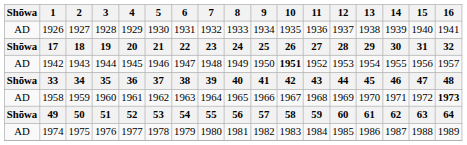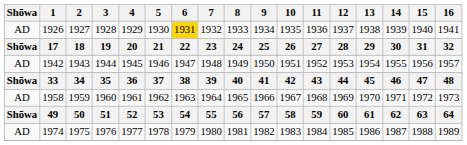 <table class="wikitable" style="text-align:center">
 <tr>
 <th rowspan="1">Shōwa</th>
 <th>1</th>
 <th>2</th>
 <th>3</th>
 <th>4</th>
 <th>5</th>
 <th>6</th>
 <th>7</th>
 <th>8</th>
 <th>9</th>
 <th>10</th>
 <th>11</th>
 <th>12</th>
 <th>13</th>
 <th>14</th>
 <th>15</th>
 <th>16</th>
 </tr>
 <tr>
 <td rowspan="1">AD</td>
 <td>1926</td>
 <td>1927</td>
 <td>1928</td>
 <td>1929</td>
 <td>1930</td>
-<td>1931</td>
+<td style="background: gold;">1931</td>
 <td>1932</td>
 <td>1933</td>
 <td>1934</td>
 <td>1935</td>
 <td>1936</td>
 <td>1937</td>
 <td>1938</td>
 <td>1939</td>
 <td>1940</td>
 <td>1941</td>
 </tr>
 <tr>
 <th rowspan="1">Shōwa</th>
 <th>17</th>
 <th>18</th>
 <th>19</th>
 <th>20</th>
 <th>21</th>
 <th>22</th>
 <th>23</th>
 <th>24</th>
 <th>25</th>
 <th>26</th>
 <th>27</th>
 <th>28</th>
 <th>29</th>
 <th>30</th>
 <th>31</th>
 <th>32</th>
 </tr>
 <tr>
 <td rowspan="1">AD</td>
 <td>1942</td>
 <td>1943</td>
 <td>1944</td>
 <td>1945</td>
 <td>1946</td>
 <td>1947</td>
 <td>1948</td>
 <td>1949</td>
 <td>1950</td>
-<td><strong>1951</strong></td>
+<td>1951</td>
 <td>1952</td>
 <td>1953</td>
 <td>1954</td>
 <td>1955</td>
 <td>1956</td>
 <td>1957</td>
 </tr>
 <tr>
 <th rowspan="1">Shōwa</th>
 <th>33</th>
 <th>34</th>
 <th>35</th>
 <th>36</th>
 <th>37</th>
 <th>38</th>
 <th>39</th>
 <th>40</th>
 <th>41</th>
 <th>42</th>
 <th>43</th>
 <th>44</th>
 <th>45</th>
 <th>46</th>
 <th>47</th>
 <th>48</th>
 </tr>
 <tr>
 <td rowspan="1">AD</td>
 <td>1958</td>
 <td>1959</td>
 <td>1960</td>
 <td>1961</td>
 <td>1962</td>
 <td>1963</td>
 <td>1964</td>
 <td>1965</td>
 <td>1966</td>
 <td>1967</td>
 <td>1968</td>
 <td>1969</td>
 <td>1970</td>
 <td>1971</td>
 <td>1972</td>
-<td><strong>1973</strong></td>
+<td>1973</td>
 </tr>
 <tr>
 <th rowspan="1">Shōwa</th>
 <th>49</th>
 <th>50</th>
 <th>51</th>
 <th>52</th>
 <th>53</th>
 <th>54</th>
 <th>55</th>
 <th>56</th>
 <th>57</th>
 <th>58</th>
 <th>59</th>
 <th>60</th>
 <th>61</th>
 <th>62</th>
 <th>63</th>
 <th>64</th>
 </tr>
 <tr>
 <td rowspan="1">AD</td>
 <td>1974</td>
 <td>1975</td>
 <td>1976</td>
 <td>1977</td>
 <td>1978</td>
 <td>1979</td>
 <td>1980</td>
 <td>1981</td>
 <td>1982</td>
 <td>1983</td>
 <td>1984</td>
 <td>1985</td>
 <td>1986</td>
 <td>1987</td>
 <td>1988</td>
 <td>1989</td>
 </tr>
 <tr>
 </tr>
 </table>
